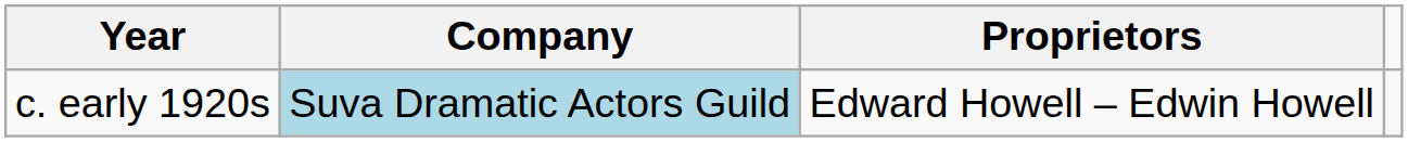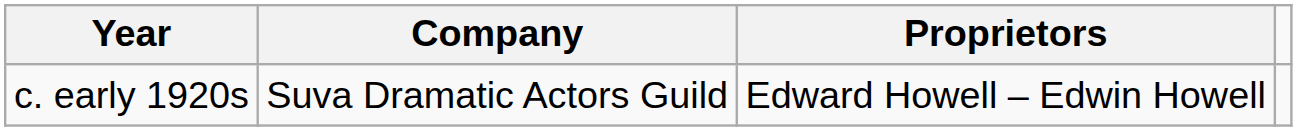 <table class="wikitable">
 <tr>
 <th>Year</th>
 <th>Company</th>
 <th>Proprietors</th>
 </tr>
 <tr>
 <td>c. early 1920s</td>
-<td style="background: lightblue;">Suva Dramatic Actors Guild</td>
+<td>Suva Dramatic Actors Guild</td>
 <td>Edward Howell – Edwin Howell</td>
 <td></td>
 </tr>
 </table>
